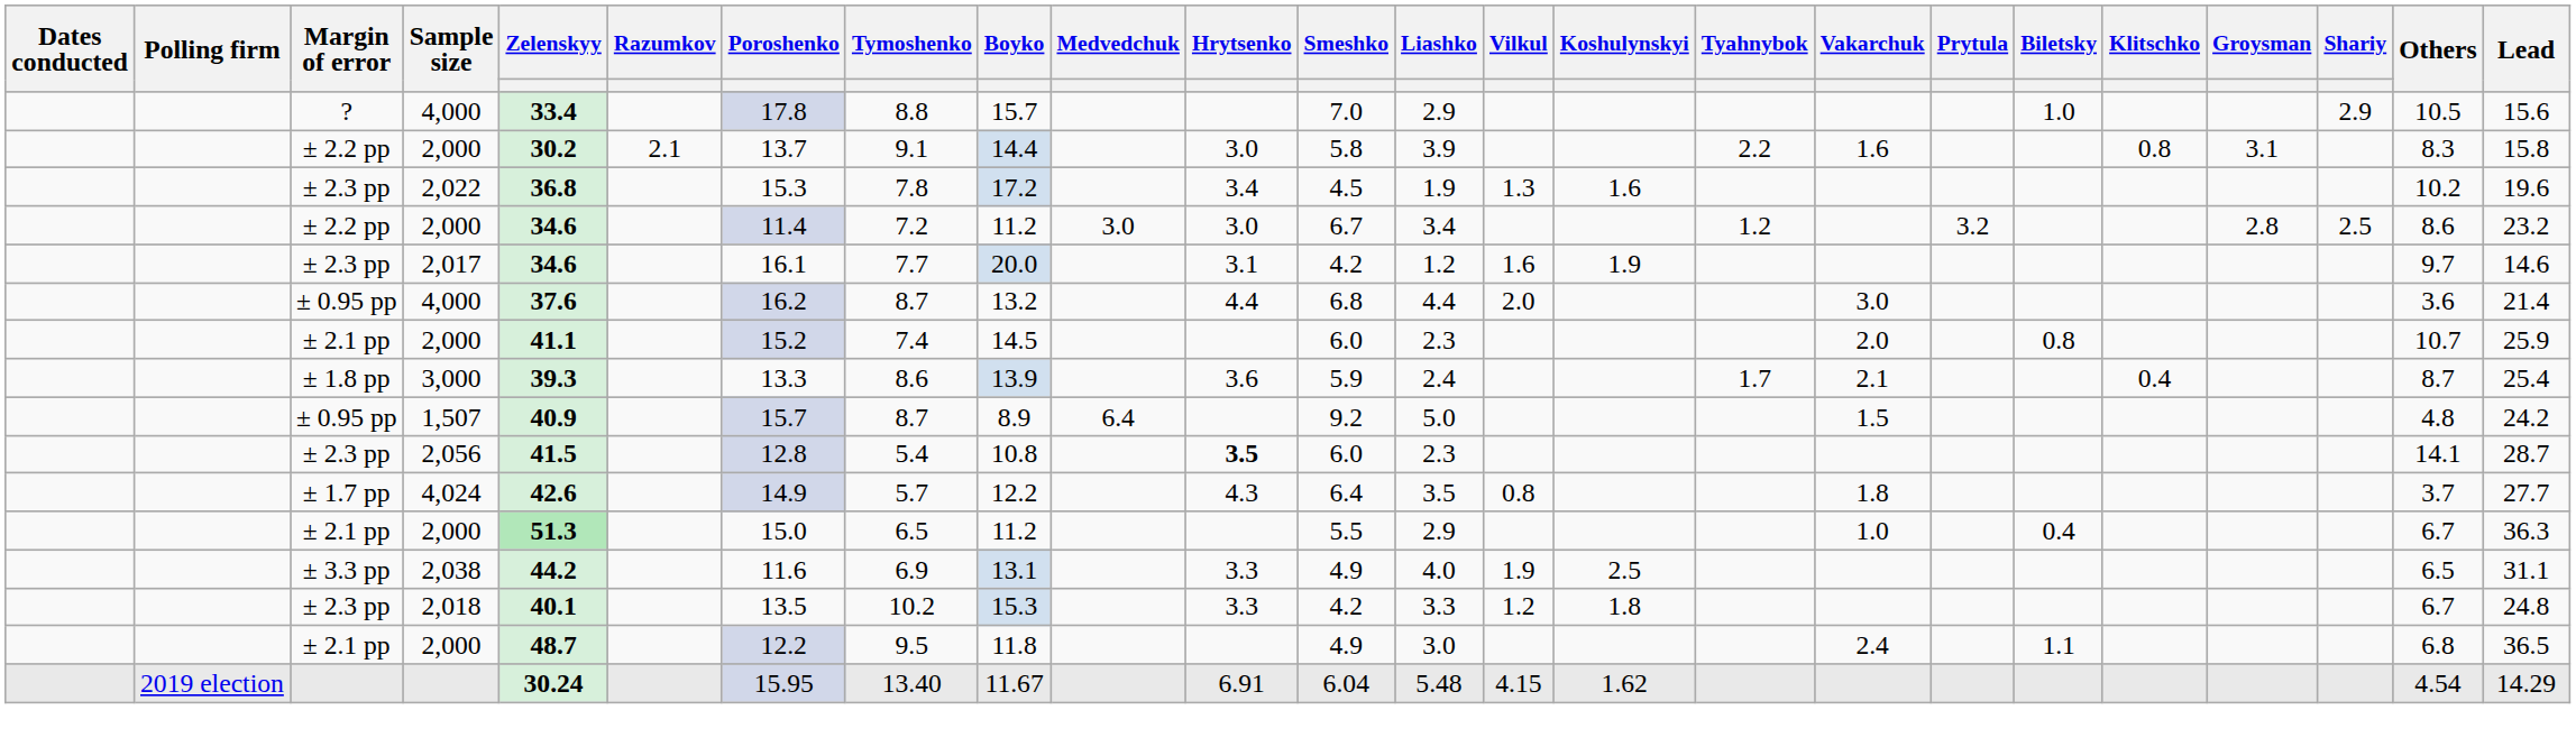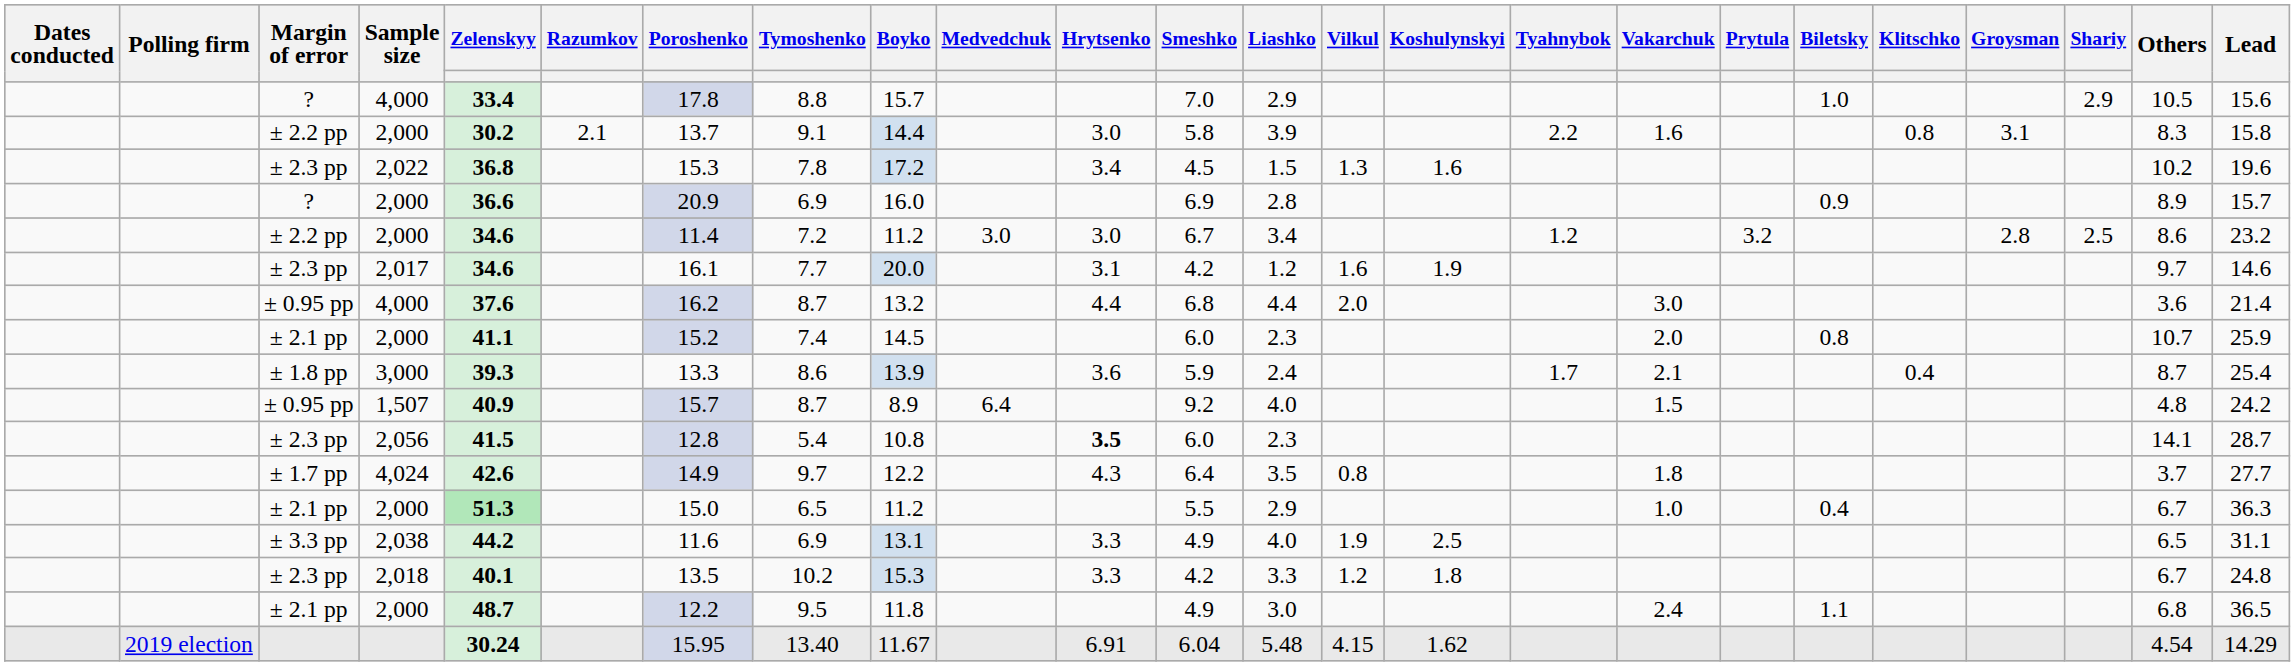 <table class="wikitable sortable mw-datatable mw-collapsible" style="text-align:center;font-size:90%;line-height:14px;">
 <tr style="height:40px;">
 <th rowspan="2">Dates<br>conducted</th>
 <th rowspan="2">Polling firm</th>
 <th rowspan="2">Margin<br>of error</th>
 <th rowspan="2">Sample<br>size</th>
 <th><small><a href='#'>Zelenskyy</a></small><br></th>
 <th><small><a href='#'>Razumkov</a></small><br></th>
 <th><small><a href='#'>Poroshenko</a></small><br></th>
 <th><small><a href='#'>Tymoshenko</a></small><br></th>
 <th><small><a href='#'>Boyko</a></small><br></th>
 <th><small><a href='#'>Medvedchuk</a></small><br></th>
 <th><small><a href='#'>Hrytsenko</a></small><br></th>
 <th><small><a href='#'>Smeshko</a></small><br></th>
 <th><small><a href='#'>Liashko</a></small><br></th>
 <th><small><a href='#'>Vilkul</a></small><br></th>
 <th><small><a href='#'>Koshulynskyi</a></small><br></th>
 <th><small><a href='#'>Tyahnybok</a></small><br></th>
 <th><small><a href='#'>Vakarchuk</a></small><br></th>
 <th><small><a href='#'>Prytula</a></small><br></th>
 <th><small><a href='#'>Biletsky</a></small><br></th>
 <th><small><a href='#'>Klitschko</a></small><br></th>
 <th><small><a href='#'>Groysman</a></small><br></th>
 <th><small><a href='#'>Shariy</a></small><br></th>
 <th rowspan="2" style="width:40px;">Others</th>
 <th rowspan="2" style="width:40px;">Lead</th>
 </tr>
 <tr>
 <th data-sort-type="number" style="background:"></th>
 <th data-sort-type="number" style="background:"></th>
 <th data-sort-type="number" style="background:"></th>
 <th data-sort-type="number" style="background:"></th>
 <th data-sort-type="number" style="background:"></th>
 <th data-sort-type="number" style="background:"></th>
 <th data-sort-type="number" style="background:"></th>
 <th data-sort-type="number" style="background:"></th>
 <th data-sort-type="number" style="background:"></th>
 <th data-sort-type="number" style="background:"></th>
 <th data-sort-type="number" style="background:"></th>
 <th data-sort-type="number" style="background:"></th>
 <th data-sort-type="number" style="background:"></th>
 <th data-sort-type="number" style="background:"></th>
 <th data-sort-type="number" style="background:"></th>
 <th data-sort-type="number" style="background:"></th>
 <th data-sort-type="number" style="background:"></th>
 <th data-sort-type="number" style="background:"></th>
 </tr>
 <tr>
 <td></td>
 <td></td>
 <td>?</td>
 <td>4,000</td>
 <td style="background:#D7F0DB;"><strong>33.4</strong></td>
 <td></td>
 <td style="background:#D1D7E9;">17.8</td>
 <td>8.8</td>
 <td>15.7</td>
 <td></td>
 <td></td>
 <td>7.0</td>
 <td>2.9</td>
 <td></td>
 <td></td>
 <td></td>
 <td></td>
 <td></td>
 <td>1.0</td>
 <td></td>
 <td></td>
 <td>2.9</td>
 <td>10.5</td>
 <td style="background:">15.6</td>
 </tr>
 <tr>
 <td></td>
 <td></td>
 <td>± 2.2 pp</td>
 <td>2,000</td>
 <td style="background:#D7F0DB;"><strong>30.2</strong></td>
 <td>2.1</td>
 <td>13.7</td>
 <td>9.1</td>
 <td style="background:#D1E0EF;">14.4</td>
 <td></td>
 <td>3.0</td>
 <td>5.8</td>
 <td>3.9</td>
 <td></td>
 <td></td>
 <td>2.2</td>
 <td>1.6</td>
 <td></td>
 <td></td>
 <td>0.8</td>
 <td>3.1</td>
 <td></td>
 <td>8.3</td>
 <td style="background:">15.8</td>
 </tr>
 <tr>
 <td></td>
 <td></td>
 <td>± 2.3 pp</td>
 <td>2,022</td>
 <td style="background:#D7F0DB;"><strong>36.8</strong></td>
 <td></td>
 <td>15.3</td>
 <td>7.8</td>
 <td style="background:#D1E0EF;">17.2</td>
 <td></td>
 <td>3.4</td>
 <td>4.5</td>
-<td>1.9</td>
+<td>1.5</td>
 <td>1.3</td>
 <td>1.6</td>
 <td></td>
 <td></td>
 <td></td>
 <td></td>
 <td></td>
 <td></td>
 <td></td>
 <td>10.2</td>
 <td style="background:">19.6</td>
+</tr>
+<tr>
+<td></td>
+<td></td>
+<td>?</td>
+<td>2,000</td>
+<td style="background:#D7F0DB;"><strong>36.6</strong></td>
+<td></td>
+<td style="background:#D1D7E9;">20.9</td>
+<td>6.9</td>
+<td>16.0</td>
+<td></td>
+<td></td>
+<td>6.9</td>
+<td>2.8</td>
+<td></td>
+<td></td>
+<td></td>
+<td></td>
+<td></td>
+<td>0.9</td>
+<td></td>
+<td></td>
+<td></td>
+<td>8.9</td>
+<td style="background:">15.7</td>
 </tr>
 <tr>
 <td></td>
 <td></td>
 <td>± 2.2 pp</td>
 <td>2,000</td>
 <td style="background:#D7F0DB;"><strong>34.6</strong></td>
 <td></td>
 <td style="background:#D1D7E9;">11.4</td>
 <td>7.2</td>
 <td>11.2</td>
 <td>3.0</td>
 <td>3.0</td>
 <td>6.7</td>
 <td>3.4</td>
 <td></td>
 <td></td>
 <td>1.2</td>
 <td></td>
 <td>3.2</td>
 <td></td>
 <td></td>
 <td>2.8</td>
 <td>2.5</td>
 <td>8.6</td>
 <td style="background:">23.2</td>
 </tr>
 <tr>
 <td></td>
 <td></td>
 <td>± 2.3 pp</td>
 <td>2,017</td>
 <td style="background:#D7F0DB;"><strong>34.6</strong></td>
 <td></td>
 <td>16.1</td>
 <td>7.7</td>
 <td style="background:#D1E0EF;">20.0</td>
 <td></td>
 <td>3.1</td>
 <td>4.2</td>
 <td>1.2</td>
 <td>1.6</td>
 <td>1.9</td>
 <td></td>
 <td></td>
 <td></td>
 <td></td>
 <td></td>
 <td></td>
 <td></td>
 <td>9.7</td>
 <td style="background:">14.6</td>
 </tr>
 <tr>
 <td></td>
 <td></td>
 <td>± 0.95 pp</td>
 <td>4,000</td>
 <td style="background:#D7F0DB;"><strong>37.6</strong></td>
 <td></td>
 <td style="background:#D1D7E9;">16.2</td>
 <td>8.7</td>
 <td>13.2</td>
 <td></td>
 <td>4.4</td>
 <td>6.8</td>
 <td>4.4</td>
 <td>2.0</td>
 <td></td>
 <td></td>
 <td>3.0</td>
 <td></td>
 <td></td>
 <td></td>
 <td></td>
 <td></td>
 <td>3.6</td>
 <td style="background:">21.4</td>
 </tr>
 <tr>
 <td></td>
 <td></td>
 <td>± 2.1 pp</td>
 <td>2,000</td>
 <td style="background:#D7F0DB;"><strong>41.1</strong></td>
 <td></td>
 <td style="background:#D1D7E9;">15.2</td>
 <td>7.4</td>
 <td>14.5</td>
 <td></td>
 <td></td>
 <td>6.0</td>
 <td>2.3</td>
 <td></td>
 <td></td>
 <td></td>
 <td>2.0</td>
 <td></td>
 <td>0.8</td>
 <td></td>
 <td></td>
 <td></td>
 <td>10.7</td>
 <td style="background:">25.9</td>
 </tr>
 <tr>
 <td></td>
 <td></td>
 <td>± 1.8 pp</td>
 <td>3,000</td>
 <td style="background:#D7F0DB;"><strong>39.3</strong></td>
 <td></td>
 <td>13.3</td>
 <td>8.6</td>
 <td style="background:#D1E0EF;">13.9</td>
 <td></td>
 <td>3.6</td>
 <td>5.9</td>
 <td>2.4</td>
 <td></td>
 <td></td>
 <td>1.7</td>
 <td>2.1</td>
 <td></td>
 <td></td>
 <td>0.4</td>
 <td></td>
 <td></td>
 <td>8.7</td>
 <td style="background:">25.4</td>
 </tr>
 <tr>
 <td></td>
 <td></td>
 <td>± 0.95 pp</td>
 <td>1,507</td>
 <td style="background:#D7F0DB;"><strong>40.9</strong></td>
 <td></td>
 <td style="background:#D1D7E9;">15.7</td>
 <td>8.7</td>
 <td>8.9</td>
 <td>6.4</td>
 <td></td>
 <td>9.2</td>
-<td>5.0</td>
+<td>4.0</td>
 <td></td>
 <td></td>
 <td></td>
 <td>1.5</td>
 <td></td>
 <td></td>
 <td></td>
 <td></td>
 <td></td>
 <td>4.8</td>
 <td style="background:">24.2</td>
 </tr>
 <tr>
 <td></td>
 <td></td>
 <td>± 2.3 pp</td>
 <td>2,056</td>
 <td style="background:#D7F0DB;"><strong>41.5</strong></td>
 <td></td>
 <td style="background:#D1D7E9;">12.8</td>
 <td>5.4</td>
 <td>10.8</td>
 <td></td>
 <td><strong>3.5</strong></td>
 <td>6.0</td>
 <td>2.3</td>
 <td></td>
 <td></td>
 <td></td>
 <td></td>
 <td></td>
 <td></td>
 <td></td>
 <td></td>
 <td></td>
 <td>14.1</td>
 <td style="background:">28.7</td>
 </tr>
 <tr>
 <td></td>
 <td></td>
 <td>± 1.7 pp</td>
 <td>4,024</td>
 <td style="background:#D7F0DB;"><strong>42.6</strong></td>
 <td></td>
 <td style="background:#D1D7E9;">14.9</td>
-<td>5.7</td>
+<td>9.7</td>
 <td>12.2</td>
 <td></td>
 <td>4.3</td>
 <td>6.4</td>
 <td>3.5</td>
 <td>0.8</td>
 <td></td>
 <td></td>
 <td>1.8</td>
 <td></td>
 <td></td>
 <td></td>
 <td></td>
 <td></td>
 <td>3.7</td>
 <td style="background:">27.7</td>
 </tr>
 <tr>
 <td></td>
 <td></td>
 <td>± 2.1 pp</td>
 <td>2,000</td>
 <td style="background:#B1E7B9;"><strong>51.3</strong></td>
 <td></td>
 <td>15.0</td>
 <td>6.5</td>
 <td>11.2</td>
 <td></td>
 <td></td>
 <td>5.5</td>
 <td>2.9</td>
 <td></td>
 <td></td>
 <td></td>
 <td>1.0</td>
 <td></td>
 <td>0.4</td>
 <td></td>
 <td></td>
 <td></td>
 <td>6.7</td>
 <td style="background:">36.3</td>
 </tr>
 <tr>
 <td></td>
 <td></td>
 <td>± 3.3 pp</td>
 <td>2,038</td>
 <td style="background:#D7F0DB;"><strong>44.2</strong></td>
 <td></td>
 <td>11.6</td>
 <td>6.9</td>
 <td style="background:#D1E0EF;">13.1</td>
 <td></td>
 <td>3.3</td>
 <td>4.9</td>
 <td>4.0</td>
 <td>1.9</td>
 <td>2.5</td>
 <td></td>
 <td></td>
 <td></td>
 <td></td>
 <td></td>
 <td></td>
 <td></td>
 <td>6.5</td>
 <td style="background:">31.1</td>
 </tr>
 <tr>
 <td></td>
 <td></td>
 <td>± 2.3 pp</td>
 <td>2,018</td>
 <td style="background:#D7F0DB;"><strong>40.1</strong></td>
 <td></td>
 <td>13.5</td>
 <td>10.2</td>
 <td style="background:#D1E0EF;">15.3</td>
 <td></td>
 <td>3.3</td>
 <td>4.2</td>
 <td>3.3</td>
 <td>1.2</td>
 <td>1.8</td>
 <td></td>
 <td></td>
 <td></td>
 <td></td>
 <td></td>
 <td></td>
 <td></td>
 <td>6.7</td>
 <td style="background:">24.8</td>
 </tr>
 <tr>
 <td></td>
 <td></td>
 <td>± 2.1 pp</td>
 <td>2,000</td>
 <td style="background:#D7F0DB;"><strong>48.7</strong></td>
 <td></td>
 <td style="background:#D1D7E9;">12.2</td>
 <td>9.5</td>
 <td>11.8</td>
 <td></td>
 <td></td>
 <td>4.9</td>
 <td>3.0</td>
 <td></td>
 <td></td>
 <td></td>
 <td>2.4</td>
 <td></td>
 <td>1.1</td>
 <td></td>
 <td></td>
 <td></td>
 <td>6.8</td>
 <td style="background:">36.5</td>
 </tr>
 <tr style="background:#E9E9E9;">
 <td></td>
 <td><a href='#'>2019 election</a></td>
 <td></td>
 <td></td>
 <td style="background:#D7F0DB;"><strong>30.24</strong></td>
 <td></td>
 <td style="background:#D1D7E9;">15.95</td>
 <td>13.40</td>
 <td>11.67</td>
 <td></td>
 <td>6.91</td>
 <td>6.04</td>
 <td>5.48</td>
 <td>4.15</td>
 <td>1.62</td>
 <td></td>
 <td></td>
 <td></td>
 <td></td>
 <td></td>
 <td></td>
 <td></td>
 <td>4.54</td>
 <td style="background:">14.29</td>
 </tr>
 </table>
